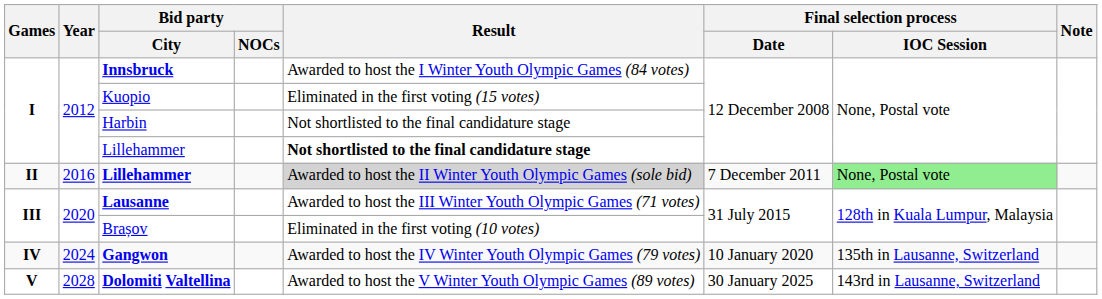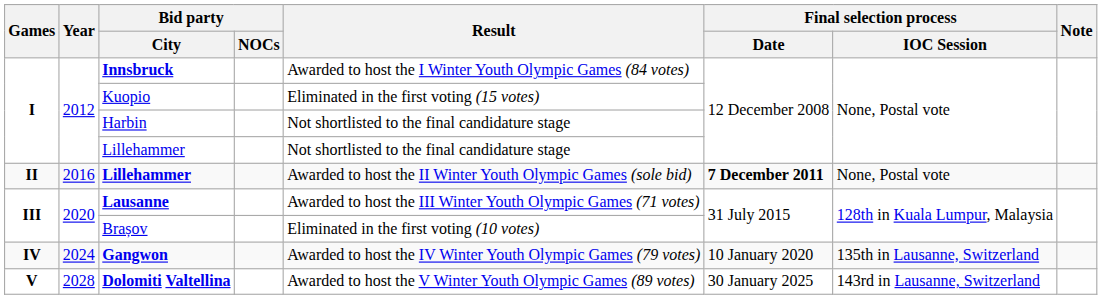 <table class="wikitable" style="font-size:90%">
 <tr>
 <th rowspan=2>Games</th>
 <th rowspan=2>Year</th>
 <th colspan=2>Bid party</th>
 <th rowspan=2>Result</th>
 <th colspan=2>Final selection process</th>
 <th rowspan=2>Note</th>
 </tr>
 <tr>
 <th>City</th>
 <th>NOCs</th>
 <th>Date</th>
 <th>IOC Session</th>
 </tr>
 <tr bgcolor=white>
 <td rowspan=4 align=center><strong>I</strong></td>
 <td rowspan=4 align=center><a href='#'>2012</a></td>
 <td><strong><a href='#'>Innsbruck</a></strong></td>
 <td><strong></strong></td>
 <td>Awarded to host the <a href='#'>I Winter Youth Olympic Games</a> <em>(84 votes)</em></td>
 <td rowspan=4>12 December 2008</td>
 <td rowspan=4>None, Postal vote</td>
 <td rowspan=4 align=center></td>
 </tr>
 <tr bgcolor=white>
 <td><a href='#'>Kuopio</a></td>
 <td></td>
 <td>Eliminated in the first voting <em>(15 votes)</em></td>
 </tr>
 <tr bgcolor=white>
 <td><a href='#'>Harbin</a></td>
 <td></td>
 <td>Not shortlisted to the final candidature stage</td>
 </tr>
 <tr bgcolor=white>
 <td><a href='#'>Lillehammer</a></td>
 <td></td>
-<td><strong>Not shortlisted to the final candidature stage</strong></td>
+<td>Not shortlisted to the final candidature stage</td>
 </tr>
 <tr>
 <td align=center><strong>II</strong></td>
 <td align=center><a href='#'>2016</a></td>
 <td><strong><a href='#'>Lillehammer</a></strong></td>
 <td><strong></strong></td>
-<td style="background: lightgrey;">Awarded to host the <a href='#'>II Winter Youth Olympic Games</a> <em>(sole bid)</em></td>
-<td>7 December 2011</td>
-<td style="background: lightgreen;">None, Postal vote</td>
+<td>Awarded to host the <a href='#'>II Winter Youth Olympic Games</a> <em>(sole bid)</em></td>
+<td><strong>7 December 2011</strong></td>
+<td>None, Postal vote</td>
 <td align=center></td>
 </tr>
 <tr bgcolor=white>
 <td rowspan=2 align=center><strong>III</strong></td>
 <td rowspan=2 align=center><a href='#'>2020</a></td>
 <td><strong><a href='#'>Lausanne</a></strong></td>
 <td><strong></strong></td>
 <td>Awarded to host the <a href='#'>III Winter Youth Olympic Games</a> <em>(71 votes)</em></td>
 <td rowspan=2>31 July 2015</td>
 <td rowspan=2><a href='#'>128th</a> in <a href='#'>Kuala Lumpur</a>, Malaysia</td>
 <td rowspan=2 align=center></td>
 </tr>
 <tr bgcolor=white>
 <td><a href='#'>Brașov</a></td>
 <td></td>
 <td>Eliminated in the first voting <em>(10 votes)</em></td>
 </tr>
 <tr>
 <td align=center><strong>IV</strong></td>
 <td align=center><a href='#'>2024</a></td>
 <td><strong><a href='#'>Gangwon</a></strong></td>
 <td><strong></strong></td>
 <td>Awarded to host the <a href='#'>IV Winter Youth Olympic Games</a> <em>(79 votes)</em></td>
 <td>10 January 2020</td>
 <td>135th in <a href='#'>Lausanne, Switzerland</a></td>
 <td align=center></td>
 </tr>
 <tr bgcolor=white>
 <td align=center><strong>V</strong></td>
 <td align=center><a href='#'>2028</a></td>
 <td><strong><a href='#'>Dolomiti</a> <a href='#'>Valtellina</a></strong></td>
 <td><strong></strong></td>
 <td>Awarded to host the <a href='#'>V Winter Youth Olympic Games</a> <em>(89 votes)</em></td>
 <td>30 January 2025</td>
 <td>143rd in <a href='#'>Lausanne, Switzerland</a></td>
 <td align=center></td>
 </tr>
 </table>
